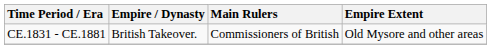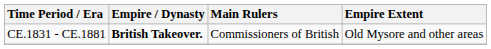 <table class="wikitable">
 <tr>
 <th style="text-align: left;">Time Period / Era</th>
 <th style="text-align: left;">Empire / Dynasty</th>
 <th style="text-align: left;">Main Rulers</th>
 <th style="text-align: left;">Empire Extent</th>
 </tr>
 <tr>
 <td>CE.1831 - CE.1881</td>
-<td>British Takeover.</td>
+<td><strong>British Takeover.</strong></td>
 <td>Commissioners of British</td>
 <td>Old Mysore and other areas</td>
 </tr>
 <tr>
 </tr>
 </table>
